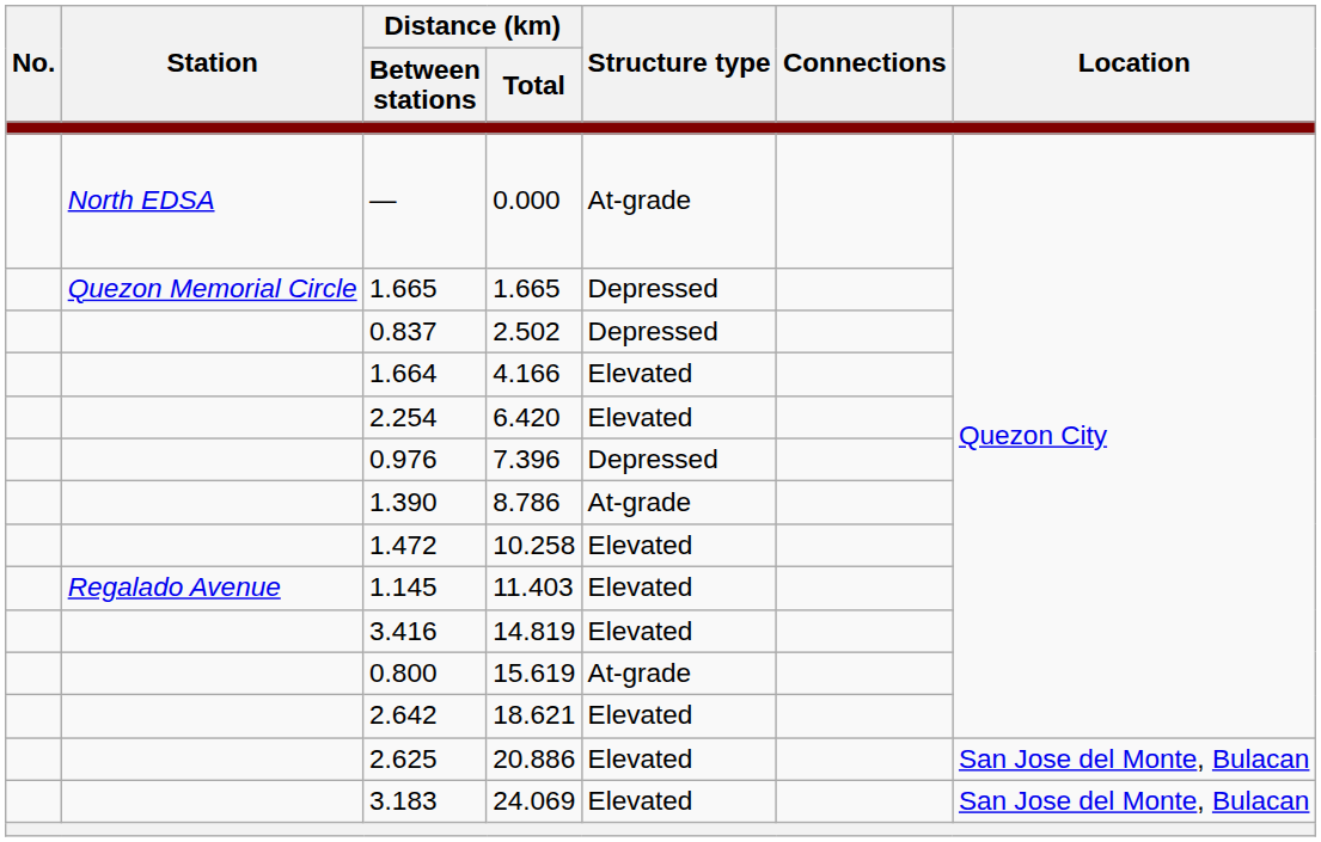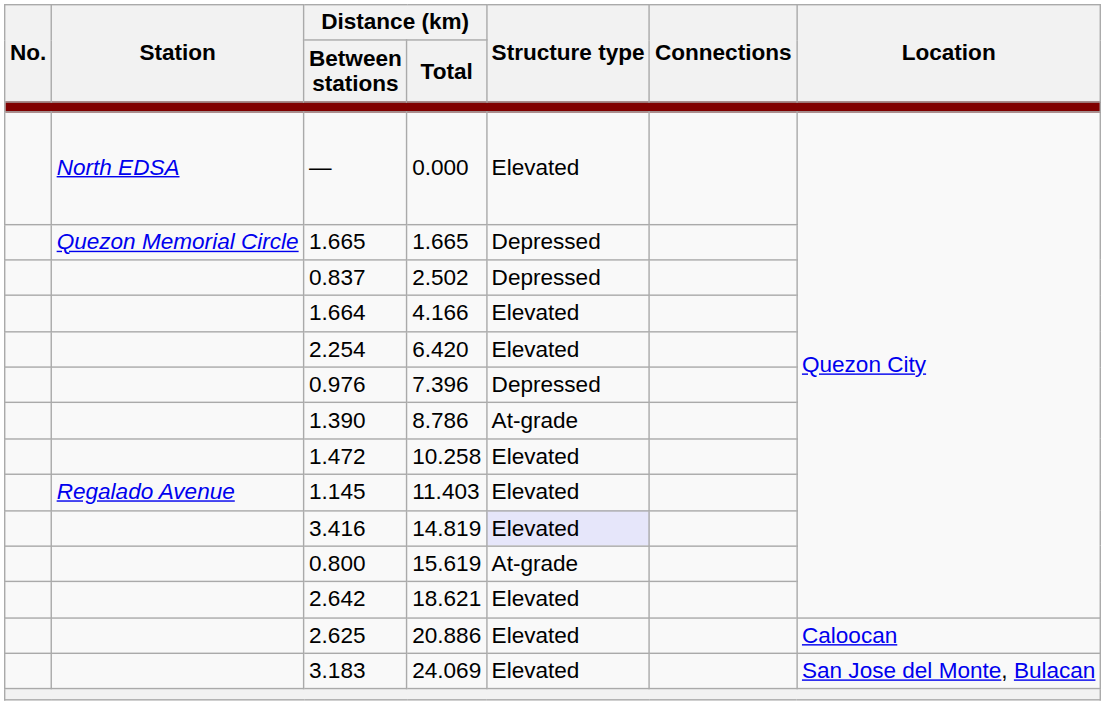 <table class="wikitable collapsible" style="border: none; text-align:center font-size:100%;">
 <tr>
 <th rowspan="2">No.</th>
 <th rowspan="2">Station</th>
 <th colspan="2">Distance (km)</th>
 <th rowspan="2">Structure type</th>
 <th rowspan="2">Connections</th>
 <th rowspan="2">Location</th>
 </tr>
 <tr>
 <th>Between<br>stations</th>
 <th>Total</th>
 </tr>
 <tr style="background:#800000; height:2pt;">
 <td colspan="7"></td>
 </tr>
 <tr>
 <td style="text-align:center;"></td>
 <td><em><a href='#'>North EDSA</a></em></td>
 <td>—</td>
 <td>0.000</td>
-<td>At-grade</td>
+<td>Elevated</td>
 <td style="text-align: left"><br><br><br><br></td>
 <td rowspan=12><a href='#'>Quezon City</a></td>
 </tr>
 <tr>
 <td style="text-align:center;"></td>
 <td><em><a href='#'>Quezon Memorial Circle</a></em></td>
 <td>1.665</td>
 <td>1.665</td>
 <td>Depressed</td>
 <td style="text-align: left"><br> </td>
 </tr>
 <tr>
 <td style="text-align:center;"></td>
 <td><em></em></td>
 <td>0.837</td>
 <td>2.502</td>
 <td>Depressed</td>
 <td style="text-align: left"><br></td>
 </tr>
 <tr>
 <td style="text-align:center;"></td>
 <td><em></em></td>
 <td>1.664</td>
 <td>4.166</td>
 <td>Elevated</td>
 <td style="text-align: left"></td>
 </tr>
 <tr>
 <td style="text-align:center;"></td>
 <td><em></em></td>
 <td>2.254</td>
 <td>6.420</td>
 <td>Elevated</td>
 <td style="text-align: left"><br></td>
 </tr>
 <tr>
 <td style="text-align:center;"></td>
 <td><em></em></td>
 <td>0.976</td>
 <td>7.396</td>
 <td>Depressed</td>
 <td style="text-align: left"><br></td>
 </tr>
 <tr>
 <td style="text-align:center;"></td>
 <td><em></em></td>
 <td>1.390</td>
 <td>8.786</td>
 <td>At-grade</td>
 <td style="text-align: left"><br></td>
 </tr>
 <tr>
 <td style="text-align:center;"></td>
 <td><em></em></td>
 <td>1.472</td>
 <td>10.258</td>
 <td>Elevated</td>
 <td style="text-align: left"></td>
 </tr>
 <tr>
 <td style="text-align:center;"></td>
 <td><em><a href='#'>Regalado Avenue</a></em></td>
 <td>1.145</td>
 <td>11.403</td>
 <td>Elevated</td>
 <td style="text-align: left"></td>
 </tr>
 <tr>
 <td style="text-align:center;"></td>
 <td><em></em></td>
 <td>3.416</td>
 <td>14.819</td>
-<td>Elevated</td>
+<td style="background: lavender;">Elevated</td>
 <td style="text-align: left"></td>
 </tr>
 <tr>
 <td style="text-align:center;"></td>
 <td><em></em></td>
 <td>0.800</td>
 <td>15.619</td>
 <td>At-grade</td>
 <td style="text-align: left"></td>
 </tr>
 <tr>
 <td style="text-align:center;"></td>
 <td><em></em></td>
 <td>2.642</td>
 <td>18.621</td>
 <td>Elevated</td>
 <td style="text-align: left"></td>
 </tr>
 <tr>
 <td style="text-align:center;"></td>
 <td><em></em></td>
 <td>2.625</td>
 <td>20.886</td>
 <td>Elevated</td>
 <td style="text-align: left"></td>
-<td><a href='#'>San Jose del Monte</a>, <a href='#'>Bulacan</a></td>
+<td><a href='#'>Caloocan</a></td>
 </tr>
 <tr>
 <td style="text-align:center;"></td>
 <td><em></em></td>
 <td>3.183</td>
 <td>24.069</td>
 <td>Elevated</td>
 <td style="text-align: left"></td>
 <td><a href='#'>San Jose del Monte</a>, <a href='#'>Bulacan</a></td>
 </tr>
 <tr>
 <th colspan="7"></th>
 </tr>
 </table>
